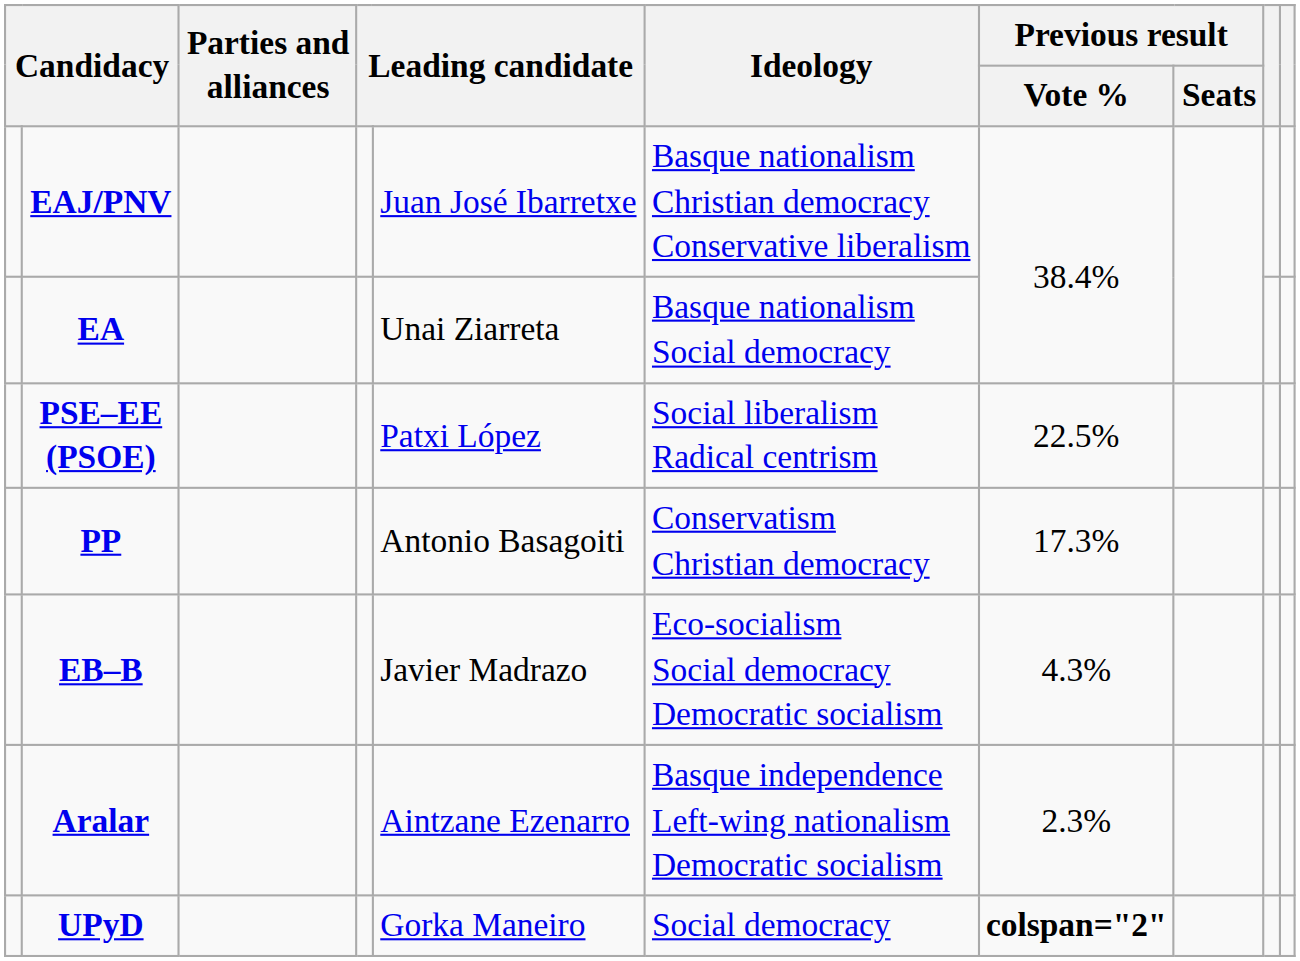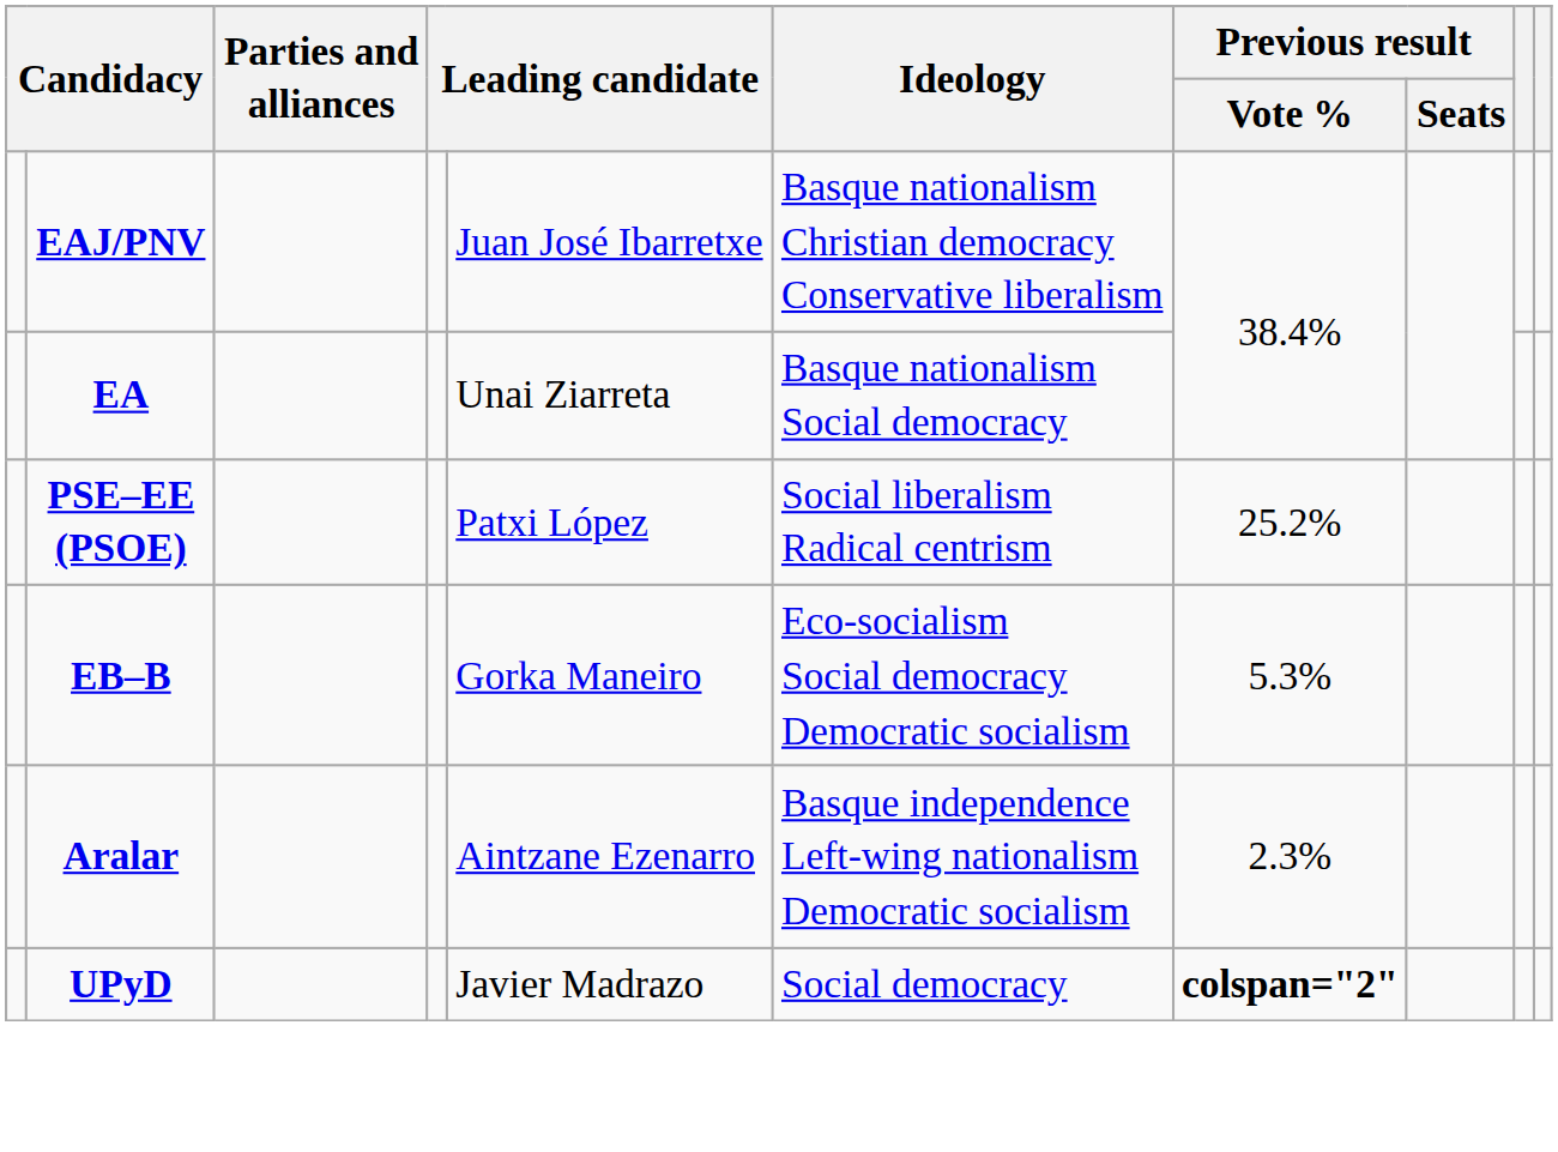 <table class="wikitable" style="line-height:1.35em; text-align:left;">
 <tr>
 <th colspan="2" rowspan="2">Candidacy</th>
 <th rowspan="2">Parties and<br>alliances</th>
 <th colspan="2" rowspan="2">Leading candidate</th>
 <th rowspan="2">Ideology</th>
 <th colspan="2">Previous result</th>
 <th rowspan="2"></th>
 <th rowspan="2"></th>
 </tr>
 <tr>
 <th>Vote %</th>
 <th>Seats</th>
 </tr>
 <tr>
 <td width="1" style="color:inherit;background:"></td>
 <td align="center"><strong><a href='#'>EAJ/PNV</a></strong></td>
 <td></td>
 <td></td>
 <td><a href='#'>Juan José Ibarretxe</a></td>
 <td><a href='#'>Basque nationalism</a><br><a href='#'>Christian democracy</a><br><a href='#'>Conservative liberalism</a></td>
 <td rowspan="2" align="center"><br>38.4%<br></td>
 <td rowspan="2"></td>
 <td></td>
 <td><br></td>
 </tr>
 <tr>
 <td style="color:inherit;background:"></td>
 <td align="center"><strong><a href='#'>EA</a></strong></td>
 <td></td>
 <td></td>
 <td>Unai Ziarreta</td>
 <td><a href='#'>Basque nationalism</a><br><a href='#'>Social democracy</a></td>
 <td></td>
 <td><br></td>
 </tr>
 <tr>
 <td style="color:inherit;background:"></td>
 <td align="center"><strong><a href='#'>PSE–EE<br>(PSOE)</a></strong></td>
 <td></td>
 <td></td>
 <td><a href='#'>Patxi López</a></td>
 <td><a href='#'>Social liberalism</a><br><a href='#'>Radical centrism</a></td>
-<td align="center">22.5%</td>
-<td></td>
-<td></td>
-<td><br></td>
-</tr>
-<tr>
-<td style="color:inherit;background:"></td>
-<td align="center"><strong><a href='#'>PP</a></strong></td>
-<td></td>
-<td></td>
-<td>Antonio Basagoiti</td>
-<td><a href='#'>Conservatism</a><br><a href='#'>Christian democracy</a></td>
-<td align="center">17.3%</td>
+<td align="center">25.2%</td>
 <td></td>
 <td></td>
 <td><br></td>
 </tr>
 <tr>
 <td style="color:inherit;background:"></td>
 <td align="center"><strong><a href='#'>EB–B</a></strong></td>
 <td></td>
 <td></td>
-<td>Javier Madrazo</td>
+<td><a href='#'>Gorka Maneiro</a></td>
 <td><a href='#'>Eco-socialism</a><br><a href='#'>Social democracy</a><br><a href='#'>Democratic socialism</a></td>
-<td align="center">4.3%</td>
+<td align="center">5.3%</td>
 <td></td>
 <td></td>
 <td></td>
 </tr>
 <tr>
 <td style="color:inherit;background:"></td>
 <td align="center"><strong><a href='#'>Aralar</a></strong></td>
 <td></td>
 <td></td>
 <td><a href='#'>Aintzane Ezenarro</a></td>
 <td><a href='#'>Basque independence</a><br><a href='#'>Left-wing nationalism</a><br><a href='#'>Democratic socialism</a></td>
 <td align="center">2.3%</td>
 <td></td>
 <td></td>
 <td></td>
 </tr>
 <tr>
 <td style="color:inherit;background:"></td>
 <td align="center"><strong><a href='#'>UPyD</a></strong></td>
 <td></td>
 <td></td>
-<td><a href='#'>Gorka Maneiro</a></td>
+<td>Javier Madrazo</td>
 <td><a href='#'>Social democracy</a></td>
 <td><strong>colspan="2" </strong></td>
 <td></td>
 <td></td>
 </tr>
 </table>
